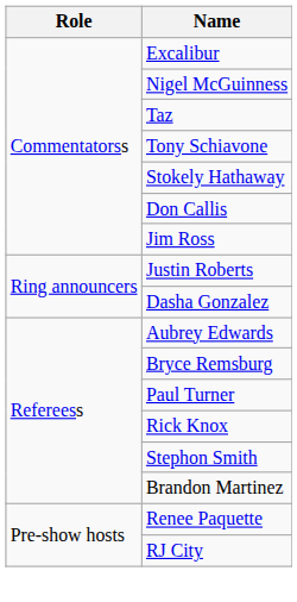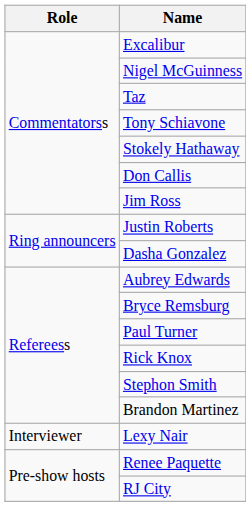 <table class=wikitable style="font-size:90%; margin: 0.5em 0 0.5em 1em; float: right; clear: right;">
 <tr>
 <th>Role</th>
 <th>Name</th>
 </tr>
 <tr>
 <td rowspan="7"><a href='#'>Commentators</a>s</td>
 <td><a href='#'>Excalibur</a> </td>
 </tr>
 <tr>
 <td><a href='#'>Nigel McGuinness</a> </td>
 </tr>
 <tr>
 <td><a href='#'>Taz</a> </td>
 </tr>
 <tr>
 <td><a href='#'>Tony Schiavone</a> </td>
 </tr>
 <tr>
 <td><a href='#'>Stokely Hathaway</a> </td>
 </tr>
 <tr>
 <td><a href='#'>Don Callis</a> </td>
 </tr>
 <tr>
 <td><a href='#'>Jim Ross</a> </td>
 </tr>
 <tr>
 <td rowspan=2><a href='#'>Ring announcers</a></td>
 <td><a href='#'>Justin Roberts</a></td>
 </tr>
 <tr>
 <td><a href='#'>Dasha Gonzalez</a></td>
 </tr>
 <tr>
 <td rowspan=6><a href='#'>Referees</a>s</td>
 <td><a href='#'>Aubrey Edwards</a></td>
 </tr>
 <tr>
 <td><a href='#'>Bryce Remsburg</a></td>
 </tr>
 <tr>
 <td><a href='#'>Paul Turner</a></td>
 </tr>
 <tr>
 <td><a href='#'>Rick Knox</a></td>
 </tr>
 <tr>
 <td><a href='#'>Stephon Smith</a></td>
 </tr>
 <tr>
 <td>Brandon Martinez</td>
 </tr>
 <tr>
+<td>Interviewer</td>
+<td><a href='#'>Lexy Nair</a></td>
+</tr>
+<tr>
 <td rowspan=2>Pre-show hosts</td>
 <td><a href='#'>Renee Paquette</a></td>
 </tr>
 <tr>
 <td><a href='#'>RJ City</a></td>
 </tr>
 </table>
